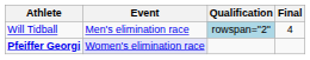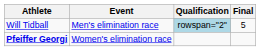 <table class="wikitable" style="font-size:90%;">
 <tr>
 <th>Athlete</th>
 <th>Event</th>
 <th>Qualification</th>
 <th>Final</th>
 </tr>
 <tr align=center>
 <td align=left><a href='#'>Will Tidball</a></td>
 <td align=left><a href='#'>Men's elimination race</a></td>
 <td style="background: lightblue;">rowspan="2" </td>
-<td>4</td>
+<td>5</td>
 </tr>
 <tr align=center>
 <td align=left><strong><a href='#'>Pfeiffer Georgi</a></strong></td>
-<td align=left style="background: lavender;"><a href='#'>Women's elimination race</a></td>
+<td align=left><a href='#'>Women's elimination race</a></td>
 <td></td>
 </tr>
 </table>
